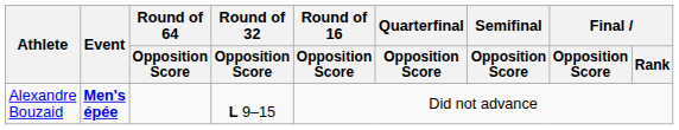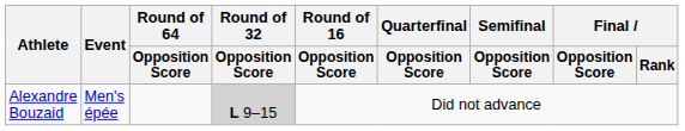 <table class="wikitable" style="font-size:90%">
 <tr>
 <th rowspan=2>Athlete</th>
 <th rowspan=2>Event</th>
 <th>Round of 64</th>
 <th>Round of 32</th>
 <th>Round of 16</th>
 <th>Quarterfinal</th>
 <th>Semifinal</th>
 <th colspan=2>Final / </th>
 </tr>
 <tr style="font-size:95%">
 <th>Opposition<br>Score</th>
 <th>Opposition<br>Score</th>
 <th>Opposition<br>Score</th>
 <th>Opposition<br>Score</th>
 <th>Opposition<br>Score</th>
 <th>Opposition<br>Score</th>
 <th>Rank</th>
 </tr>
 <tr align=center>
 <td align=left><a href='#'>Alexandre Bouzaid</a></td>
-<td align=left><strong><a href='#'>Men's épée</a></strong></td>
+<td align=left><a href='#'>Men's épée</a></td>
 <td></td>
-<td><br><strong>L</strong> 9–15</td>
+<td style="background: lightgrey;"><br><strong>L</strong> 9–15</td>
 <td colspan=5>Did not advance</td>
 </tr>
 </table>
